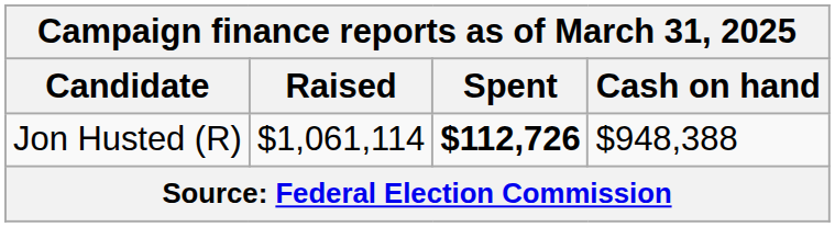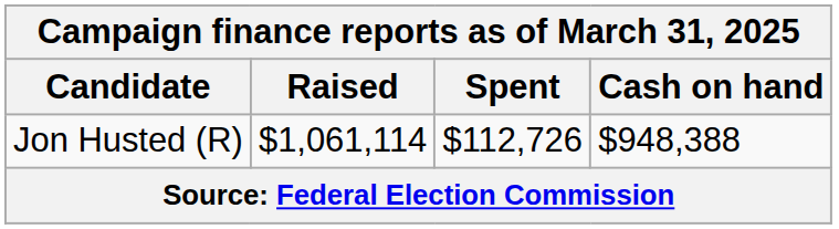 <table class="wikitable sortable">
 <tr>
 <th colspan=4>Campaign finance reports as of March 31, 2025</th>
 </tr>
 <tr style="text-align:center;">
 <th>Candidate</th>
 <th>Raised</th>
 <th>Spent</th>
 <th>Cash on hand</th>
 </tr>
 <tr>
 <td>Jon Husted (R)</td>
 <td>$1,061,114</td>
-<td><strong>$112,726</strong></td>
+<td>$112,726</td>
 <td>$948,388</td>
 </tr>
 <tr>
 <th colspan="4"><small>Source: <a href='#'>Federal Election Commission</a></small></th>
 </tr>
 </table>
